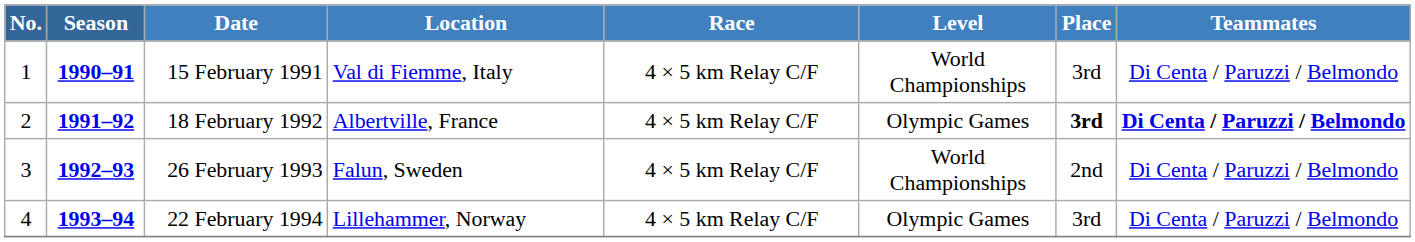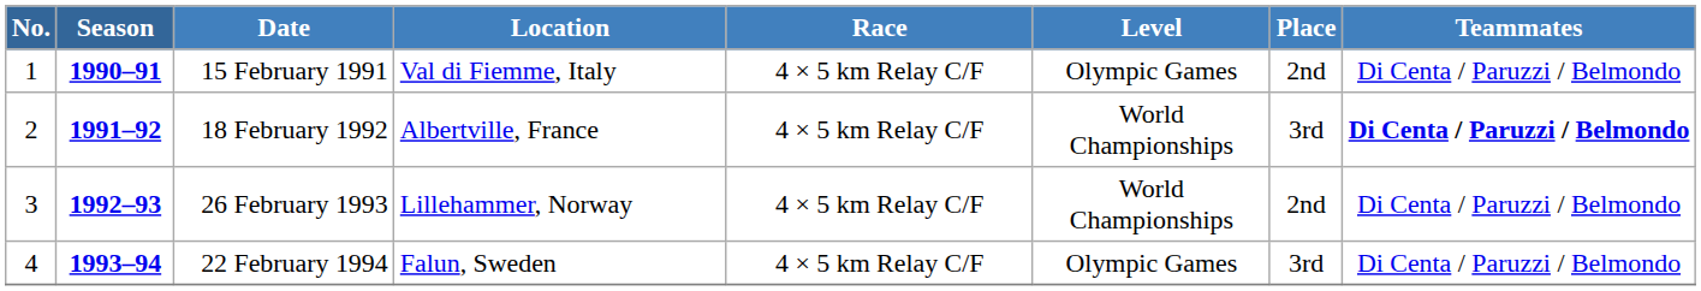 <table class="wikitable sortable" style="font-size:95%; text-align:center; border:grey solid 1px; border-collapse:collapse; background:#ffffff;">
 <tr style="background:#efefef;">
 <th style="background-color:#369; color:white;">No.</th>
 <th style="background-color:#369; color:white;">Season</th>
 <th style="background-color:#4180be; color:white; width:120px;">Date</th>
 <th style="background-color:#4180be; color:white; width:185px;">Location</th>
 <th style="background-color:#4180be; color:white; width:170px;">Race</th>
 <th style="background-color:#4180be; color:white; width:130px;">Level</th>
 <th style="background-color:#4180be; color:white;">Place</th>
 <th style="background-color:#4180be; color:white;">Teammates</th>
 </tr>
 <tr>
 <td align=center>1</td>
 <td rowspan=1 align=center><strong> <a href='#'>1990–91</a> </strong></td>
 <td align=right>15 February 1991</td>
 <td align=left> <a href='#'>Val di Fiemme</a>, Italy</td>
 <td>4 × 5 km Relay C/F</td>
-<td>World Championships</td>
-<td>3rd</td>
+<td>Olympic Games</td>
+<td>2nd</td>
 <td><a href='#'>Di Centa</a> / <a href='#'>Paruzzi</a> / <a href='#'>Belmondo</a></td>
 </tr>
 <tr>
 <td align=center>2</td>
 <td rowspan=1 align=center><strong> <a href='#'>1991–92</a> </strong></td>
 <td align=right>18 February 1992</td>
 <td align=left> <a href='#'>Albertville</a>, France</td>
 <td>4 × 5 km Relay C/F</td>
-<td>Olympic Games</td>
-<td><strong>3rd</strong></td>
+<td>World Championships</td>
+<td>3rd</td>
 <td><strong><a href='#'>Di Centa</a> / <a href='#'>Paruzzi</a> / <a href='#'>Belmondo</a></strong></td>
 </tr>
 <tr>
 <td align=center>3</td>
 <td rowspan=1 align=center><strong> <a href='#'>1992–93</a> </strong></td>
 <td align=right>26 February 1993</td>
-<td align=left> <a href='#'>Falun</a>, Sweden</td>
+<td align=left> <a href='#'>Lillehammer</a>, Norway</td>
 <td>4 × 5 km Relay C/F</td>
 <td>World Championships</td>
 <td>2nd</td>
 <td><a href='#'>Di Centa</a> / <a href='#'>Paruzzi</a> / <a href='#'>Belmondo</a></td>
 </tr>
 <tr>
 <td align=center>4</td>
 <td rowspan=1 align=center><strong> <a href='#'>1993–94</a> </strong></td>
 <td align=right>22 February 1994</td>
-<td align=left> <a href='#'>Lillehammer</a>, Norway</td>
+<td align=left> <a href='#'>Falun</a>, Sweden</td>
 <td>4 × 5 km Relay C/F</td>
 <td>Olympic Games</td>
 <td>3rd</td>
 <td><a href='#'>Di Centa</a> / <a href='#'>Paruzzi</a> / <a href='#'>Belmondo</a></td>
 </tr>
 <tr>
 </tr>
 </table>
